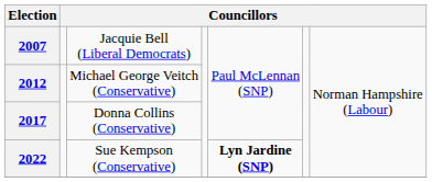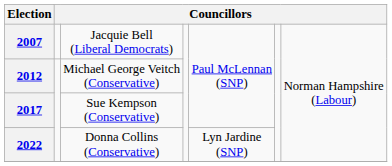 <table class="wikitable" style="text-align:center">
 <tr>
 <th>Election</th>
 <th colspan=8>Councillors</th>
 </tr>
 <tr>
 <th><a href='#'>2007</a></th>
 <td rowspan=1; style="background-color: "></td>
 <td rowspan=1>Jacquie Bell<br>(<a href='#'>Liberal Democrats</a>)</td>
 <td rowspan=4; style="background-color: "></td>
 <td rowspan=3><a href='#'>Paul McLennan</a><br>(<a href='#'>SNP</a>)</td>
 <td rowspan=4; style="background-color: "></td>
 <td rowspan=4>Norman Hampshire<br>(<a href='#'>Labour</a>)</td>
 </tr>
 <tr>
 <th><a href='#'>2012</a></th>
 <td rowspan=3; style="background-color: "></td>
 <td rowspan=1>Michael George Veitch<br>(<a href='#'>Conservative</a>)</td>
 </tr>
 <tr>
 <th><a href='#'>2017</a></th>
-<td rowspan=1>Donna Collins<br>(<a href='#'>Conservative</a>)</td>
+<td rowspan=1>Sue Kempson<br>(<a href='#'>Conservative</a>)</td>
 </tr>
 <tr>
 <th><a href='#'>2022</a></th>
-<td rowspan=1>Sue Kempson<br>(<a href='#'>Conservative</a>)</td>
-<td rowspan=1><strong>Lyn Jardine<br>(<a href='#'>SNP</a>)</strong></td>
+<td rowspan=1>Donna Collins<br>(<a href='#'>Conservative</a>)</td>
+<td rowspan=1>Lyn Jardine<br>(<a href='#'>SNP</a>)</td>
 </tr>
 <tr>
 </tr>
 </table>
